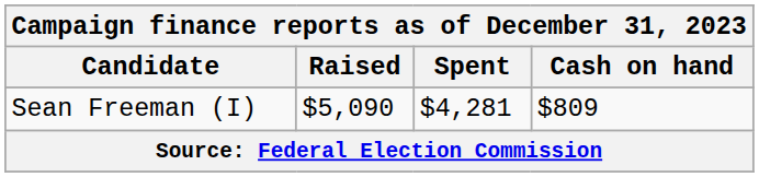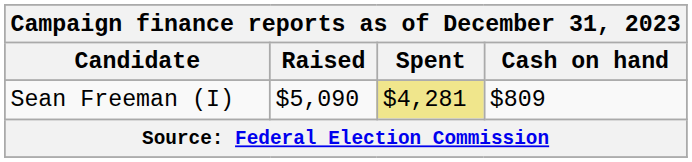 <table class="wikitable sortable">
 <tr>
 <th colspan=4>Campaign finance reports as of December 31, 2023</th>
 </tr>
 <tr style="text-align:center;">
 <th>Candidate</th>
 <th>Raised</th>
 <th>Spent</th>
 <th>Cash on hand</th>
 </tr>
 <tr>
 <td>Sean Freeman (I)</td>
 <td>$5,090</td>
-<td>$4,281</td>
+<td style="background: khaki;">$4,281</td>
 <td>$809</td>
 </tr>
 <tr>
 <th colspan="4"><small>Source: <a href='#'>Federal Election Commission</a></small></th>
 </tr>
 </table>
